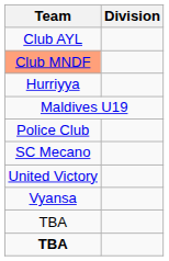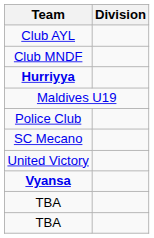 <table class="wikitable sortable" style="text-align:center;">
 <tr>
 <th>Team</th>
 <th>Division</th>
 </tr>
 <tr>
 <td><a href='#'>Club AYL</a></td>
 <td></td>
 </tr>
 <tr>
-<td style="background: lightsalmon;"><a href='#'>Club MNDF</a></td>
+<td><a href='#'>Club MNDF</a></td>
 <td></td>
 </tr>
 <tr>
-<td><a href='#'>Hurriyya</a></td>
+<td><strong><a href='#'>Hurriyya</a></strong></td>
 <td></td>
 </tr>
 <tr>
 <td colspan=2><a href='#'>Maldives U19</a></td>
 </tr>
 <tr>
 <td><a href='#'>Police Club</a></td>
 <td></td>
 </tr>
 <tr>
 <td><a href='#'>SC Mecano</a></td>
 <td></td>
 </tr>
 <tr>
 <td><a href='#'>United Victory</a></td>
 <td></td>
 </tr>
 <tr>
-<td><a href='#'>Vyansa</a></td>
+<td><strong><a href='#'>Vyansa</a></strong></td>
 <td></td>
 </tr>
 <tr>
 <td>TBA</td>
 <td></td>
 </tr>
 <tr>
-<td><strong>TBA</strong></td>
+<td>TBA</td>
 <td></td>
 </tr>
 </table>
